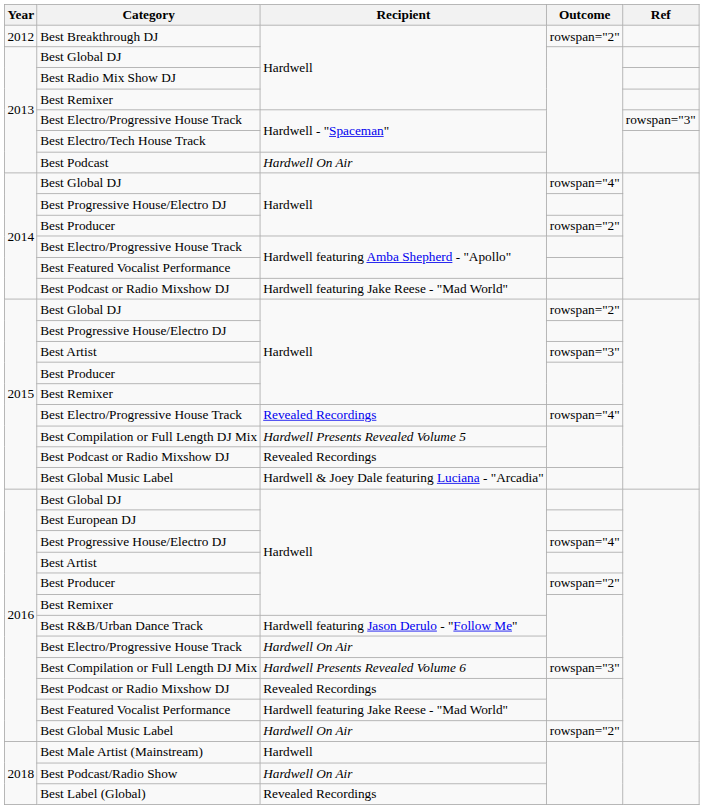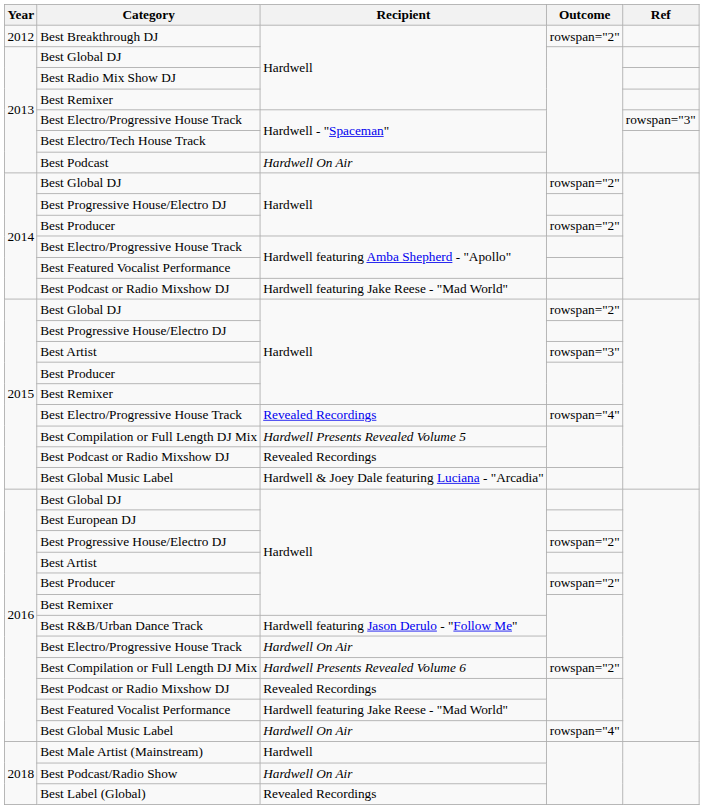 <table class="wikitable sortable">
 <tr>
 <th>Year</th>
 <th>Category</th>
 <th>Recipient</th>
 <th>Outcome</th>
 <th>Ref</th>
 </tr>
 <tr>
 <td>2012</td>
 <td>Best Breakthrough DJ</td>
 <td rowspan="4">Hardwell</td>
 <td>rowspan="2" </td>
 <td></td>
 </tr>
 <tr>
 <td rowspan="6">2013</td>
 <td>Best Global DJ</td>
 <td rowspan="6"></td>
 </tr>
 <tr>
 <td>Best Radio Mix Show DJ</td>
 <td></td>
 </tr>
 <tr>
 <td>Best Remixer</td>
 <td></td>
 </tr>
 <tr>
 <td>Best Electro/Progressive House Track</td>
 <td rowspan="2">Hardwell - "<a href='#'>Spaceman</a>"</td>
 <td>rowspan="3" </td>
 </tr>
 <tr>
 <td>Best Electro/Tech House Track</td>
 </tr>
 <tr>
 <td>Best Podcast</td>
 <td><em>Hardwell On Air</em></td>
 </tr>
 <tr>
 <td rowspan="6">2014</td>
 <td>Best Global DJ</td>
 <td rowspan="3">Hardwell</td>
-<td>rowspan="4" </td>
+<td>rowspan="2" </td>
 <td rowspan="6"></td>
 </tr>
 <tr>
 <td>Best Progressive House/Electro DJ</td>
 </tr>
 <tr>
 <td>Best Producer</td>
 <td>rowspan="2" </td>
 </tr>
 <tr>
 <td>Best Electro/Progressive House Track</td>
 <td rowspan="2">Hardwell featuring <a href='#'>Amba Shepherd</a> - "Apollo"</td>
 </tr>
 <tr>
 <td>Best Featured Vocalist Performance</td>
 <td></td>
 </tr>
 <tr>
 <td>Best Podcast or Radio Mixshow DJ</td>
 <td>Hardwell featuring Jake Reese - "Mad World"</td>
 <td></td>
 </tr>
 <tr>
 <td rowspan="9">2015</td>
 <td>Best Global DJ</td>
 <td rowspan="5">Hardwell</td>
 <td>rowspan="2" </td>
 <td rowspan="9"></td>
 </tr>
 <tr>
 <td>Best Progressive House/Electro DJ</td>
 </tr>
 <tr>
 <td>Best Artist</td>
 <td>rowspan="3" </td>
 </tr>
 <tr>
 <td>Best Producer</td>
 </tr>
 <tr>
 <td>Best Remixer</td>
 </tr>
 <tr>
 <td>Best Electro/Progressive House Track</td>
 <td><a href='#'>Revealed Recordings</a></td>
 <td>rowspan="4" </td>
 </tr>
 <tr>
 <td>Best Compilation or Full Length DJ Mix</td>
 <td><em>Hardwell Presents Revealed Volume 5</em></td>
 </tr>
 <tr>
 <td>Best Podcast or Radio Mixshow DJ</td>
 <td>Revealed Recordings</td>
 </tr>
 <tr>
 <td>Best Global Music Label</td>
 <td>Hardwell & Joey Dale featuring <a href='#'>Luciana</a> - "Arcadia"</td>
 <td></td>
 </tr>
 <tr>
 <td rowspan="12">2016</td>
 <td>Best Global DJ</td>
 <td rowspan="6">Hardwell</td>
 <td></td>
 <td rowspan="12"></td>
 </tr>
 <tr>
 <td>Best European DJ</td>
 <td></td>
 </tr>
 <tr>
 <td>Best Progressive House/Electro DJ</td>
-<td>rowspan="4" </td>
+<td>rowspan="2" </td>
 </tr>
 <tr>
 <td>Best Artist</td>
 </tr>
 <tr>
 <td>Best Producer</td>
 <td>rowspan="2" </td>
 </tr>
 <tr>
 <td>Best Remixer</td>
 </tr>
 <tr>
 <td>Best R&B/Urban Dance Track</td>
 <td>Hardwell featuring <a href='#'>Jason Derulo</a> - "<a href='#'>Follow Me</a>"</td>
 </tr>
 <tr>
 <td>Best Electro/Progressive House Track</td>
 <td><em>Hardwell On Air</em></td>
 </tr>
 <tr>
 <td>Best Compilation or Full Length DJ Mix</td>
 <td><em>Hardwell Presents Revealed Volume 6</em></td>
-<td>rowspan="3" </td>
+<td>rowspan="2" </td>
 </tr>
 <tr>
 <td>Best Podcast or Radio Mixshow DJ</td>
 <td>Revealed Recordings</td>
 </tr>
 <tr>
 <td>Best Featured Vocalist Performance</td>
 <td>Hardwell featuring Jake Reese - "Mad World"</td>
 </tr>
 <tr>
 <td>Best Global Music Label</td>
 <td><em>Hardwell On Air</em></td>
-<td>rowspan="2" </td>
+<td>rowspan="4" </td>
 </tr>
 <tr>
 <td rowspan="3">2018</td>
 <td>Best Male Artist (Mainstream)</td>
 <td>Hardwell</td>
 <td rowspan="3"></td>
 </tr>
 <tr>
 <td>Best Podcast/Radio Show</td>
 <td><em>Hardwell On Air</em></td>
 </tr>
 <tr>
 <td>Best Label (Global)</td>
 <td>Revealed Recordings</td>
 </tr>
 </table>
